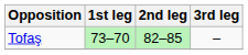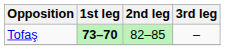 <table class="wikitable" style="text-align: center;">
 <tr>
 <th>Opposition</th>
 <th>1st leg</th>
 <th>2nd leg</th>
 <th>3rd leg</th>
 </tr>
 <tr>
 <td align="left"> <a href='#'>Tofaş</a></td>
-<td bgcolor=#BBF3BB>73–70</td>
+<td bgcolor=#BBF3BB><strong>73–70</strong></td>
 <td bgcolor=#BBF3BB>82–85</td>
 <td bgcolor=>–</td>
 </tr>
 <tr>
 </tr>
 </table>
